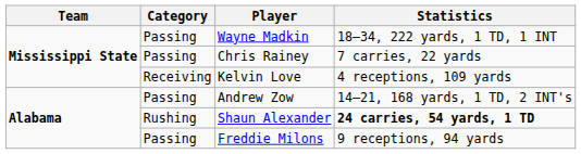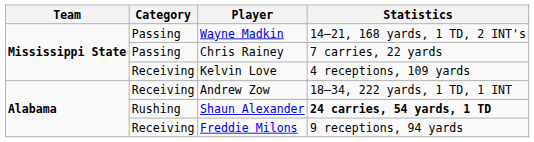 <table class="wikitable" style="float: right;">
 <tr>
 <th>Team</th>
 <th>Category</th>
 <th>Player</th>
 <th>Statistics</th>
 </tr>
 <tr>
 <td rowspan=3><strong>Mississippi State</strong></td>
 <td>Passing</td>
 <td><a href='#'>Wayne Madkin</a></td>
-<td>18–34, 222 yards, 1 TD, 1 INT</td>
+<td>14–21, 168 yards, 1 TD, 2 INT's</td>
 </tr>
 <tr>
 <td>Passing</td>
 <td>Chris Rainey</td>
 <td>7 carries, 22 yards</td>
 </tr>
 <tr>
 <td>Receiving</td>
 <td>Kelvin Love</td>
 <td>4 receptions, 109 yards</td>
 </tr>
 <tr>
 <td rowspan=3><strong>Alabama</strong></td>
-<td>Passing</td>
+<td>Receiving</td>
 <td>Andrew Zow</td>
-<td>14–21, 168 yards, 1 TD, 2 INT's</td>
+<td>18–34, 222 yards, 1 TD, 1 INT</td>
 </tr>
 <tr>
 <td>Rushing</td>
 <td><a href='#'>Shaun Alexander</a></td>
 <td><strong>24 carries, 54 yards, 1 TD</strong></td>
 </tr>
 <tr>
-<td>Passing</td>
+<td>Receiving</td>
 <td><a href='#'>Freddie Milons</a></td>
 <td>9 receptions, 94 yards</td>
 </tr>
 </table>
